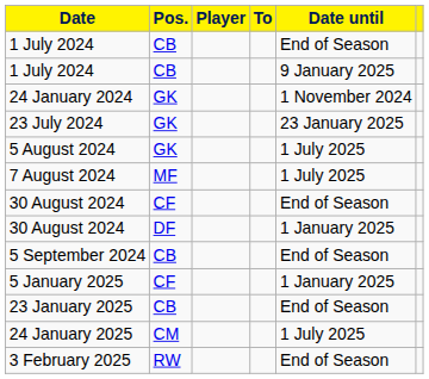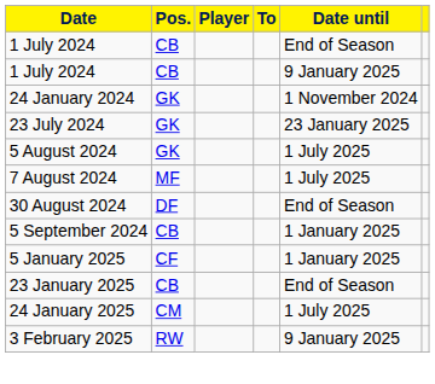 <table class="wikitable plainrowheaders sortable">
 <tr>
 <th style="background-color:#FFF300; color:#001958; ">Date</th>
 <th style="background-color:#FFF300; color:#001958; ">Pos.</th>
 <th style="background-color:#FFF300; color:#001958; ">Player</th>
 <th style="background-color:#FFF300; color:#001958; ">To</th>
 <th style="background-color:#FFF300; color:#001958; ">Date until</th>
 <th style="background-color:#FFF300; color:#001958; "></th>
 </tr>
 <tr>
 <td>1 July 2024</td>
 <td><a href='#'>CB</a></td>
 <td></td>
 <td></td>
 <td>End of Season</td>
 <td></td>
 </tr>
 <tr>
 <td>1 July 2024</td>
 <td><a href='#'>CB</a></td>
 <td></td>
 <td></td>
 <td>9 January 2025</td>
 <td></td>
 </tr>
 <tr>
 <td>24 January 2024</td>
 <td><a href='#'>GK</a></td>
 <td></td>
 <td></td>
 <td>1 November 2024</td>
 <td></td>
 </tr>
 <tr>
 <td>23 July 2024</td>
 <td><a href='#'>GK</a></td>
 <td></td>
 <td></td>
 <td>23 January 2025</td>
 <td></td>
 </tr>
 <tr>
 <td>5 August 2024</td>
 <td><a href='#'>GK</a></td>
 <td></td>
 <td></td>
 <td>1 July 2025</td>
 <td></td>
 </tr>
 <tr>
 <td>7 August 2024</td>
 <td><a href='#'>MF</a></td>
 <td></td>
 <td></td>
 <td>1 July 2025</td>
 <td></td>
 </tr>
 <tr>
 <td>30 August 2024</td>
-<td><a href='#'>CF</a></td>
+<td><a href='#'>DF</a></td>
 <td></td>
 <td></td>
 <td>End of Season</td>
-<td></td>
-</tr>
-<tr>
-<td>30 August 2024</td>
-<td><a href='#'>DF</a></td>
-<td></td>
-<td></td>
-<td>1 January 2025</td>
 <td></td>
 </tr>
 <tr>
 <td>5 September 2024</td>
 <td><a href='#'>CB</a></td>
 <td></td>
 <td></td>
-<td>End of Season</td>
+<td>1 January 2025</td>
 <td></td>
 </tr>
 <tr>
 <td>5 January 2025</td>
 <td><a href='#'>CF</a></td>
 <td></td>
 <td></td>
 <td>1 January 2025</td>
 <td></td>
 </tr>
 <tr>
 <td>23 January 2025</td>
 <td><a href='#'>CB</a></td>
 <td></td>
 <td></td>
 <td>End of Season</td>
 <td></td>
 </tr>
 <tr>
 <td>24 January 2025</td>
 <td><a href='#'>CM</a></td>
 <td></td>
 <td></td>
 <td>1 July 2025</td>
 <td></td>
 </tr>
 <tr>
 <td>3 February 2025</td>
 <td><a href='#'>RW</a></td>
 <td></td>
 <td></td>
-<td>End of Season</td>
+<td>9 January 2025</td>
 <td></td>
 </tr>
 </table>
